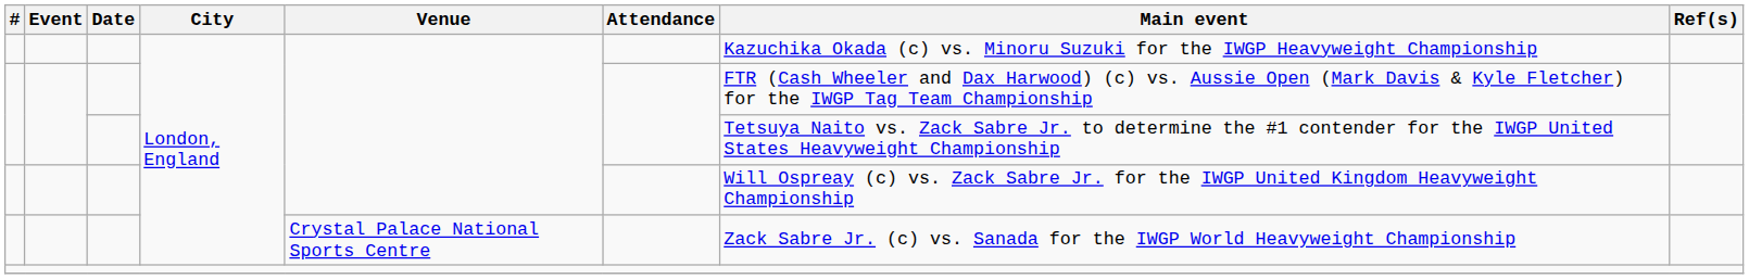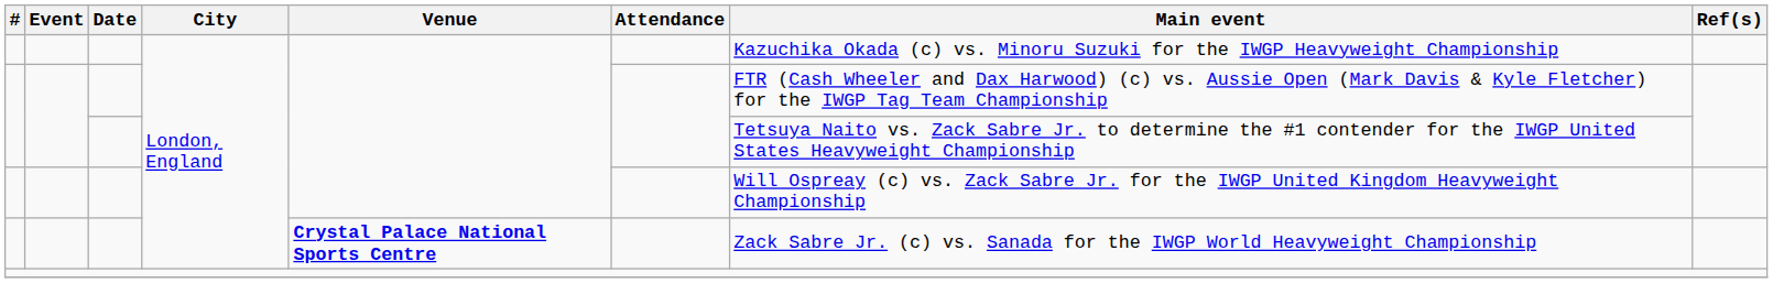 <table class="wikitable sortable" align="center">
 <tr>
 <th>#</th>
 <th>Event</th>
 <th>Date</th>
 <th>City</th>
 <th>Venue</th>
 <th>Attendance</th>
 <th>Main event</th>
 <th>Ref(s)</th>
 </tr>
 <tr>
 <td></td>
 <td></td>
 <td></td>
 <td rowspan="5"><a href='#'>London, England</a></td>
 <td rowspan="4"></td>
 <td></td>
 <td align="left"><a href='#'>Kazuchika Okada</a> (c) vs. <a href='#'>Minoru Suzuki</a> for the <a href='#'>IWGP Heavyweight Championship</a></td>
 <td></td>
 </tr>
 <tr>
 <td rowspan="2"></td>
 <td rowspan="2"></td>
 <td></td>
 <td rowspan="2"></td>
 <td align="left"><a href='#'>FTR</a> (<a href='#'>Cash Wheeler</a> and <a href='#'>Dax Harwood</a>) (c) vs. <a href='#'>Aussie Open</a> (<a href='#'>Mark Davis</a> & <a href='#'>Kyle Fletcher</a>) for the <a href='#'>IWGP Tag Team Championship</a></td>
 <td rowspan="2"></td>
 </tr>
 <tr>
 <td></td>
 <td><a href='#'>Tetsuya Naito</a> vs. <a href='#'>Zack Sabre Jr.</a> to determine the #1 contender for the <a href='#'>IWGP United States Heavyweight Championship</a></td>
 </tr>
 <tr>
 <td></td>
 <td></td>
 <td></td>
 <td></td>
 <td align="left"><a href='#'>Will Ospreay</a> (c) vs. <a href='#'>Zack Sabre Jr.</a> for the <a href='#'>IWGP United Kingdom Heavyweight Championship</a></td>
 <td></td>
 </tr>
 <tr>
 <td></td>
 <td></td>
 <td></td>
-<td><a href='#'>Crystal Palace National Sports Centre</a></td>
+<td><strong><a href='#'>Crystal Palace National Sports Centre</a></strong></td>
 <td></td>
 <td align="left"><a href='#'>Zack Sabre Jr.</a> (c) vs. <a href='#'>Sanada</a> for the <a href='#'>IWGP World Heavyweight Championship</a></td>
 <td></td>
 </tr>
 <tr>
 <td colspan="8"></td>
 </tr>
 <tr>
 </tr>
 </table>
